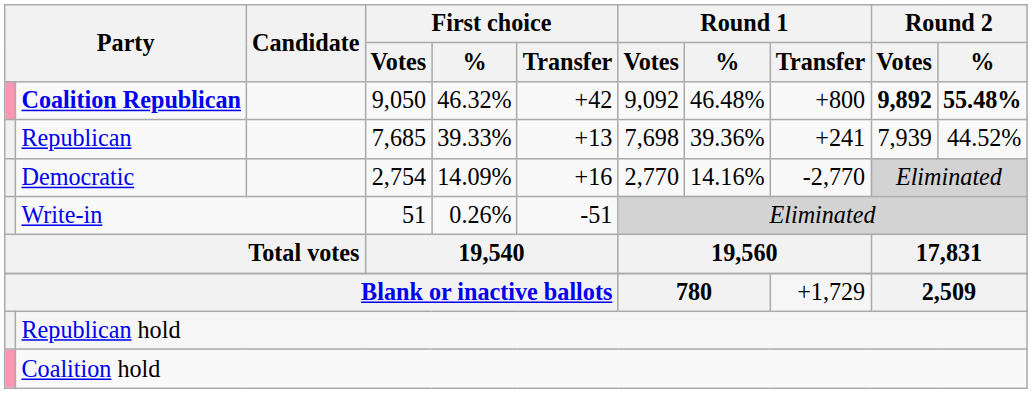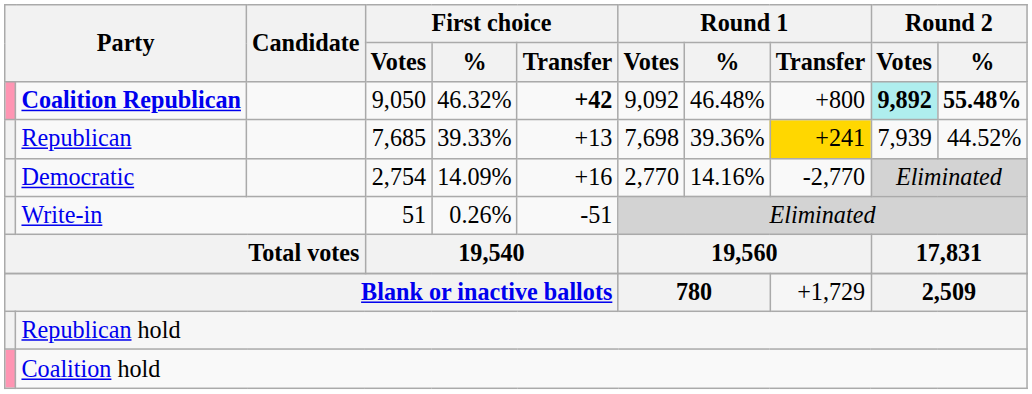 <table class="wikitable sortable" style="text-align:right">
 <tr>
 <th colspan=2 rowspan=2>Party</th>
 <th rowspan=2>Candidate</th>
 <th colspan=3>First choice</th>
 <th colspan=3>Round 1</th>
 <th colspan=3>Round 2</th>
 </tr>
 <tr>
 <th>Votes</th>
 <th>%</th>
 <th>Transfer</th>
 <th>Votes</th>
 <th>%</th>
 <th>Transfer</th>
 <th>Votes</th>
 <th>%</th>
 </tr>
 <tr>
 <th style="background-color:#ff95b3ff"></th>
 <td style="text-align:left"><strong><a href='#'>Coalition Republican</a></strong></td>
 <td style="text-align:left" scope="row"><strong></strong></td>
 <td>9,050</td>
 <td>46.32%</td>
-<td>+42</td>
+<td><strong>+42</strong></td>
 <td>9,092</td>
 <td>46.48%</td>
 <td>+800</td>
-<td><strong>9,892</strong></td>
+<td style="background: paleturquoise;"><strong>9,892</strong></td>
 <td><strong>55.48%</strong></td>
 </tr>
 <tr>
 <th style="background-color:"></th>
 <td style="text-align:left"><a href='#'>Republican</a></td>
 <td style="text-align:left" scope="row"></td>
 <td>7,685</td>
 <td>39.33%</td>
 <td>+13</td>
 <td>7,698</td>
 <td>39.36%</td>
-<td>+241</td>
+<td style="background: gold;">+241</td>
 <td>7,939</td>
 <td>44.52%</td>
 </tr>
 <tr>
 <th style="background-color:"></th>
 <td style="text-align:left"><a href='#'>Democratic</a></td>
 <td style="text-align:left" scope="row"></td>
 <td>2,754</td>
 <td>14.09%</td>
 <td>+16</td>
 <td>2,770</td>
 <td>14.16%</td>
 <td>-2,770</td>
 <td colspan="2"  style="background:lightgrey; text-align:center;"><em>Eliminated</em></td>
 </tr>
 <tr>
 <th style="background-color:"></th>
 <td style="text-align:left" colspan=2><a href='#'>Write-in</a></td>
 <td>51</td>
 <td>0.26%</td>
 <td>-51</td>
 <td colspan="5"  style="background:lightgrey; text-align:center;"><em>Eliminated</em></td>
 </tr>
 <tr class="sortbottom" style="background-color:#F6F6F6">
 <th colspan=3 scope="row" style="text-align:right;"><strong>Total votes</strong></th>
 <th colspan=3><strong>19,540</strong></th>
 <th colspan=3><strong>19,560</strong></th>
 <th colspan=3><strong>17,831</strong></th>
 </tr>
 <tr class="sortbottom">
 </tr>
 <tr class="sortbottom" style="background-color:#F6F6F6">
 <th colspan=6 scope="row" style="text-align:right;"><a href='#'>Blank or inactive ballots</a></th>
 <th colspan=2>780</th>
 <td>+1,729</td>
 <th colspan=2>2,509</th>
 </tr>
 <tr class="sortbottom" style="background:#f6f6f6;">
 <th style="background-color:"></th>
 <td colspan="13" style="text-align:left"><a href='#'>Republican</a> hold</td>
 </tr>
 <tr>
 <th style="background-color:#ff95b3ff"></th>
 <td colspan="13" style="text-align:left"><a href='#'>Coalition</a> hold</td>
 </tr>
 </table>
